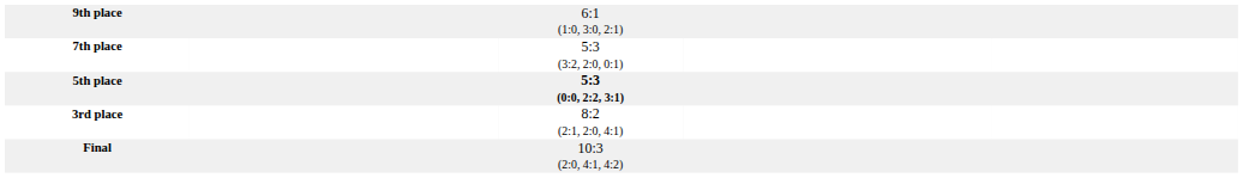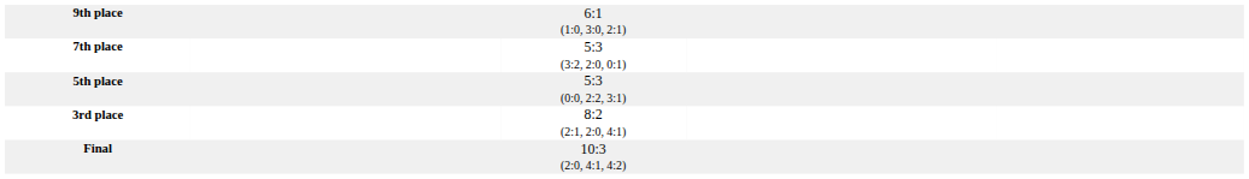 <table style="width: 70%; background: #F0F0F0;" cellspacing="0">
 <tr valign="top">
 <td align="center" width="15%" style="font-size:90%;"><strong>9th place</strong></td>
 <td width="25%" align="right"></td>
 <td width="15%" align="center">6:1<br><small>(1:0, 3:0, 2:1)</small></td>
 <td width="25%" align="left"></td>
 <td style="font-size:85%;"></td>
 </tr>
 <tr style="background: #FFFFFF;" valign="top">
 <td align="center" width="15%" style="font-size:90%;"><strong>7th place</strong></td>
 <td width="25%" align="right"></td>
 <td width="15%" align="center">5:3<br><small>(3:2, 2:0, 0:1)</small></td>
 <td width="25%" align="left"></td>
 <td style="font-size:85%;"></td>
 </tr>
 <tr valign="top">
 <td align="center" style="font-size:90%;"><strong>5th place</strong></td>
 <td align="right"></td>
-<td align="center"><strong>5:3<br><small>(0:0, 2:2, 3:1)</small></strong></td>
+<td align="center">5:3<br><small>(0:0, 2:2, 3:1)</small></td>
 <td align="left"></td>
 <td style="font-size:85%;"></td>
 </tr>
 <tr style="background: #FFFFFF;" valign="top">
 <td align="center" width="15%" style="font-size:90%;"><strong>3rd place</strong></td>
 <td align="right"></td>
 <td align="center">8:2<br><small>(2:1, 2:0, 4:1)</small></td>
 <td align="left"></td>
 <td style="font-size:85%;"></td>
 </tr>
 <tr valign="top">
 <td align="center" style="font-size:90%;"><strong>Final</strong></td>
 <td align="right"></td>
 <td align="center">10:3<br><small>(2:0, 4:1, 4:2)</small></td>
 <td align="left"></td>
 <td style="font-size:85%;"></td>
 </tr>
 </table>
